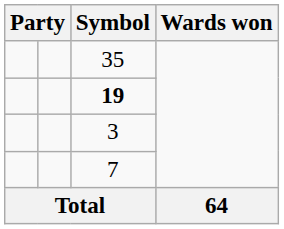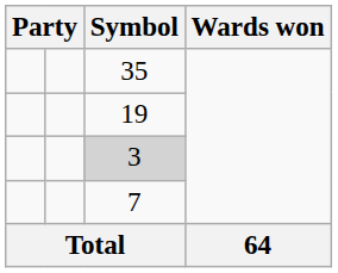 <table class="wikitable sortable" style="text-align:center">
 <tr>
 <th colspan=2>Party</th>
 <th>Symbol</th>
 <th>Wards won</th>
 </tr>
 <tr>
 <td></td>
 <td></td>
 <td>35</td>
 </tr>
 <tr>
 <td></td>
 <td></td>
-<td><strong>19</strong></td>
+<td>19</td>
 </tr>
 <tr>
 <td></td>
 <td></td>
-<td>3</td>
+<td style="background: lightgrey;">3</td>
 </tr>
 <tr>
 <td></td>
 <td></td>
 <td>7</td>
 </tr>
 <tr>
 <th colspan="3">Total</th>
 <th>64</th>
 </tr>
 </table>
